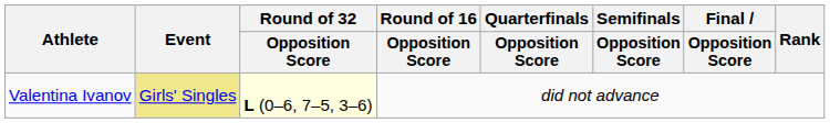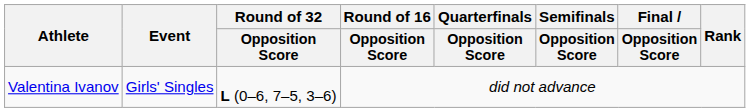 <table class=wikitable style="font-size:90%">
 <tr>
 <th rowspan="2">Athlete</th>
 <th rowspan="2">Event</th>
 <th>Round of 32</th>
 <th>Round of 16</th>
 <th>Quarterfinals</th>
 <th>Semifinals</th>
 <th>Final / </th>
 <th rowspan=2>Rank</th>
 </tr>
 <tr style="font-size:95%">
 <th>Opposition<br>Score</th>
 <th>Opposition<br>Score</th>
 <th>Opposition<br>Score</th>
 <th>Opposition<br>Score</th>
 <th>Opposition<br>Score</th>
 </tr>
 <tr align=center>
 <td align=left><a href='#'>Valentina Ivanov</a></td>
-<td align=left style="background: khaki;"><a href='#'>Girls' Singles</a></td>
-<td style="background: lightyellow;"><br> <strong>L</strong> (0–6, 7–5, 3–6)</td>
+<td align=left><a href='#'>Girls' Singles</a></td>
+<td><br> <strong>L</strong> (0–6, 7–5, 3–6)</td>
 <td Colspan=5><em>did not advance</em></td>
 </tr>
 </table>
